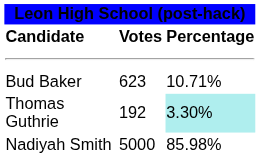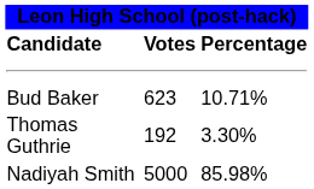 <table class="toccolours" style="fixed: left; margin-left: 1em;" width="250px">
 <tr>
 <th colspan="8" style="text-align: center; background:blue"><span><strong>Leon High School (post-hack)</strong> </span></th>
 </tr>
 <tr>
 <td><strong>Candidate</strong></td>
 <td><strong>Votes</strong></td>
 <td><strong>Percentage</strong></td>
 </tr>
 <tr>
 <td colspan="3"><hr></td>
 </tr>
 <tr>
 <td>Bud Baker</td>
 <td>623</td>
 <td>10.71%</td>
 </tr>
 <tr>
 <td>Thomas Guthrie</td>
 <td>192</td>
-<td style="background: paleturquoise;">3.30%</td>
+<td>3.30%</td>
 </tr>
 <tr>
 <td>Nadiyah Smith</td>
 <td>5000</td>
 <td>85.98%</td>
 </tr>
 </table>
